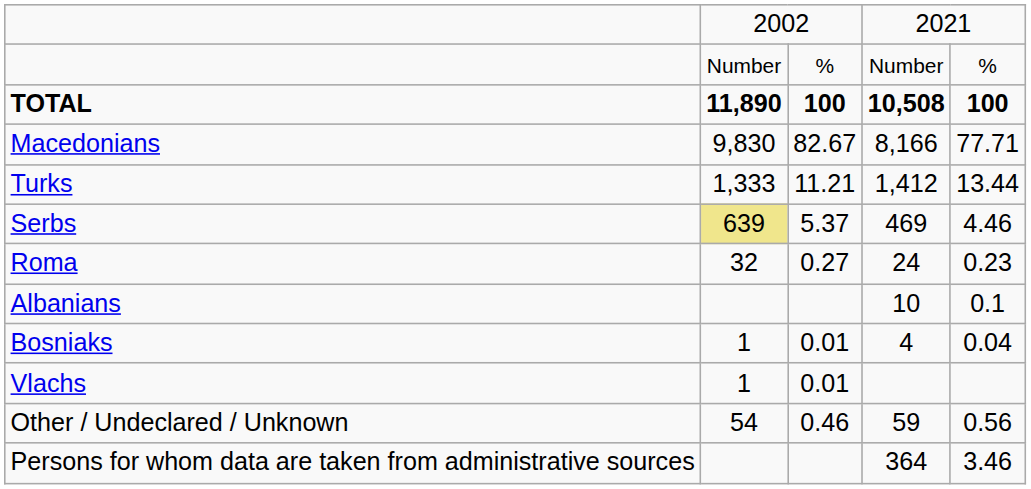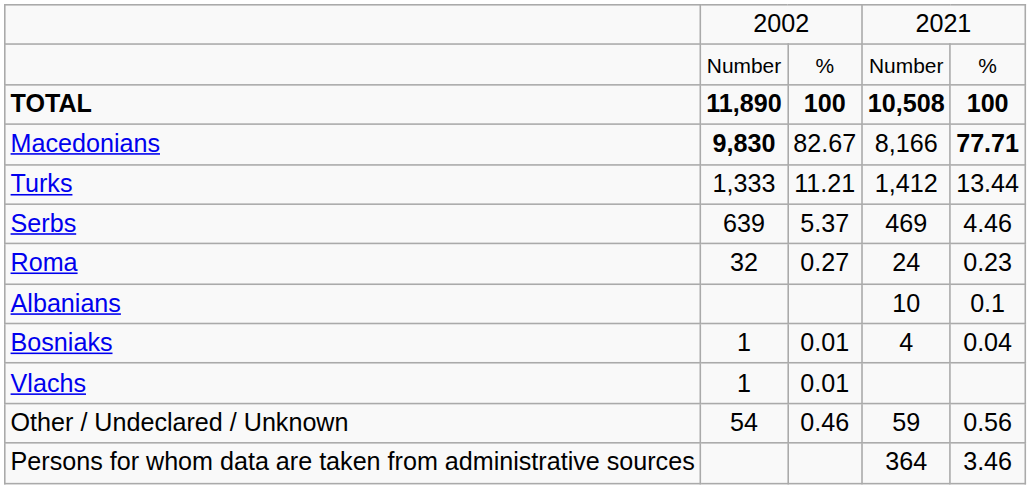 <table class="wikitable">
 <tr>
 <td></td>
 <td colspan="2" align="center">2002</td>
 <td colspan="2" align="center">2021</td>
 </tr>
 <tr>
 <td></td>
 <td align="center"><small>Number</small></td>
 <td align="center"><small>%</small></td>
 <td align="center"><small>Number</small></td>
 <td align="center"><small>%</small></td>
 </tr>
 <tr>
 <td><strong>TOTAL</strong></td>
 <td align="center"><strong>11,890</strong></td>
 <td align="center"><strong>100</strong></td>
 <td align="center"><strong>10,508</strong></td>
 <td align="center"><strong>100</strong></td>
 </tr>
 <tr>
 <td><a href='#'>Macedonians</a></td>
-<td align="center">9,830</td>
+<td align="center"><strong>9,830</strong></td>
 <td align="center">82.67</td>
 <td align="center">8,166</td>
-<td align="center">77.71</td>
+<td align="center"><strong>77.71</strong></td>
 </tr>
 <tr>
 <td><a href='#'>Turks</a></td>
 <td align="center">1,333</td>
 <td align="center">11.21</td>
 <td align="center">1,412</td>
 <td align="center">13.44</td>
 </tr>
 <tr>
 <td><a href='#'>Serbs</a></td>
-<td align="center" style="background: khaki;">639</td>
+<td align="center">639</td>
 <td align="center">5.37</td>
 <td align="center">469</td>
 <td align="center">4.46</td>
 </tr>
 <tr>
 <td><a href='#'>Roma</a></td>
 <td align="center">32</td>
 <td align="center">0.27</td>
 <td align="center">24</td>
 <td align="center">0.23</td>
 </tr>
 <tr>
 <td><a href='#'>Albanians</a></td>
 <td align="center"></td>
 <td align="center"></td>
 <td align="center">10</td>
 <td align="center">0.1</td>
 </tr>
 <tr>
 <td><a href='#'>Bosniaks</a></td>
 <td align="center">1</td>
 <td align="center">0.01</td>
 <td align="center">4</td>
 <td align="center">0.04</td>
 </tr>
 <tr>
 <td><a href='#'>Vlachs</a></td>
 <td align="center">1</td>
 <td align="center">0.01</td>
 <td align="center"></td>
 <td align="center"></td>
 </tr>
 <tr>
 <td>Other / Undeclared / Unknown</td>
 <td align="center">54</td>
 <td align="center">0.46</td>
 <td align="center">59</td>
 <td align="center">0.56</td>
 </tr>
 <tr>
 <td>Persons for whom data are taken from administrative sources</td>
 <td align="center"></td>
 <td align="center"></td>
 <td align="center">364</td>
 <td align="center">3.46</td>
 </tr>
 </table>
